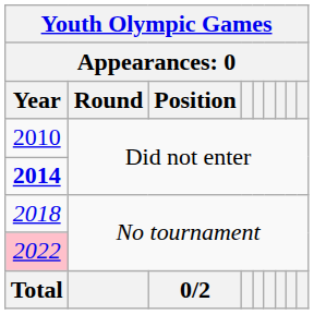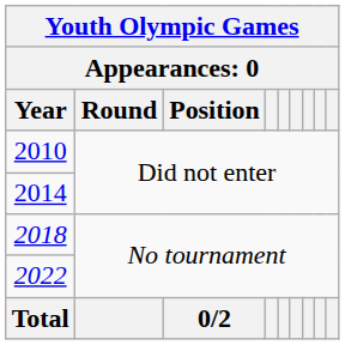 <table class="wikitable" style="text-align: center;">
 <tr>
 <th colspan=9><a href='#'>Youth Olympic Games</a></th>
 </tr>
 <tr>
 <th colspan=9>Appearances: 0</th>
 </tr>
 <tr>
 <th>Year</th>
 <th>Round</th>
 <th>Position</th>
 <th></th>
 <th></th>
 <th></th>
 <th></th>
 <th></th>
 <th></th>
 </tr>
 <tr>
 <td> <a href='#'>2010</a></td>
 <td colspan=8 rowspan=2>Did not enter</td>
 </tr>
 <tr>
-<td><strong> <a href='#'>2014</a></strong></td>
+<td> <a href='#'>2014</a></td>
 </tr>
 <tr>
 <td> <em><a href='#'>2018</a></em></td>
 <td colspan=8 rowspan=2><em>No tournament</em></td>
 </tr>
 <tr>
-<td style="background: pink;"> <em><a href='#'>2022</a></em></td>
+<td> <em><a href='#'>2022</a></em></td>
 </tr>
 <tr>
 <th>Total</th>
 <th></th>
 <th>0/2</th>
 <th></th>
 <th></th>
 <th></th>
 <th></th>
 <th></th>
 <th></th>
 </tr>
 </table>
